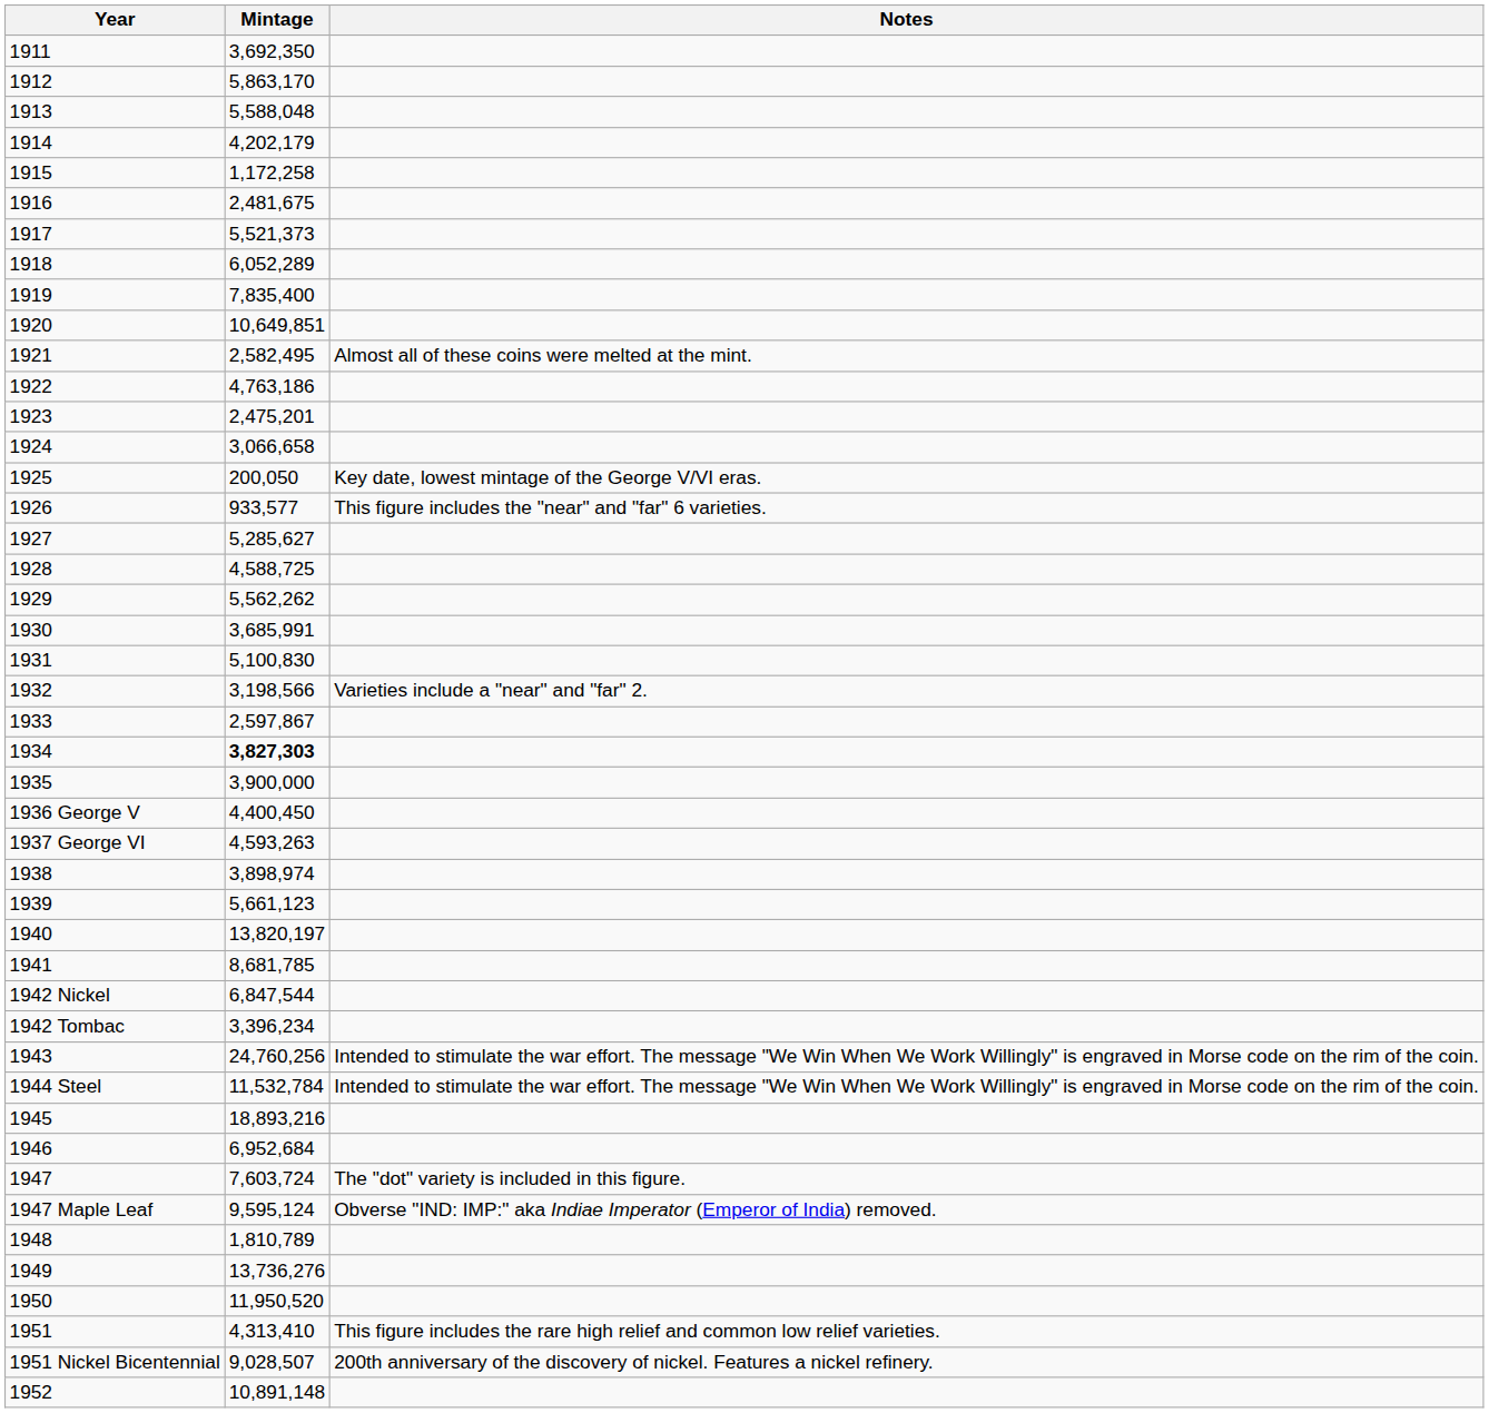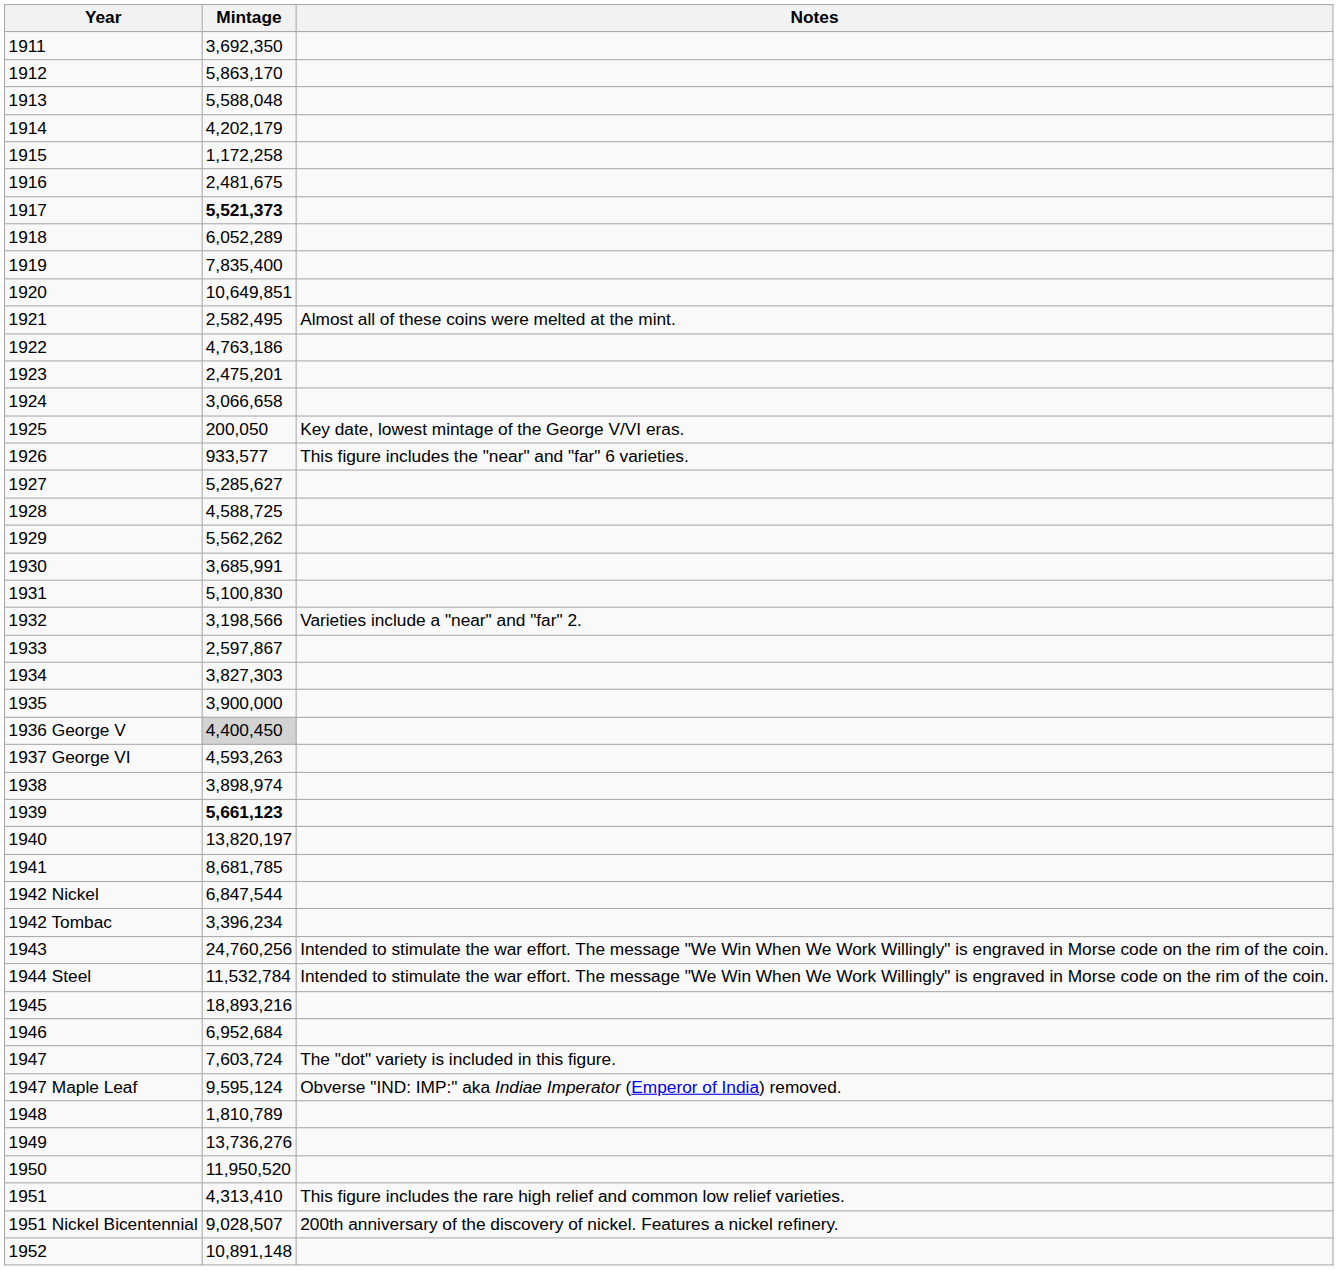 <table class="wikitable sortable">
 <tr>
 <th>Year</th>
 <th>Mintage</th>
 <th class="unsortable">Notes</th>
 </tr>
 <tr>
 <td>1911</td>
 <td>3,692,350</td>
 <td></td>
 </tr>
 <tr>
 <td>1912</td>
 <td>5,863,170</td>
 <td></td>
 </tr>
 <tr>
 <td>1913</td>
 <td>5,588,048</td>
 <td></td>
 </tr>
 <tr>
 <td>1914</td>
 <td>4,202,179</td>
 <td></td>
 </tr>
 <tr>
 <td>1915</td>
 <td>1,172,258</td>
 <td></td>
 </tr>
 <tr>
 <td>1916</td>
 <td>2,481,675</td>
 <td></td>
 </tr>
 <tr>
 <td>1917</td>
-<td>5,521,373</td>
+<td><strong>5,521,373</strong></td>
 <td></td>
 </tr>
 <tr>
 <td>1918</td>
 <td>6,052,289</td>
 <td></td>
 </tr>
 <tr>
 <td>1919</td>
 <td>7,835,400</td>
 <td></td>
 </tr>
 <tr>
 <td>1920</td>
 <td>10,649,851</td>
 <td></td>
 </tr>
 <tr>
 <td>1921</td>
 <td>2,582,495</td>
 <td>Almost all of these coins were melted at the mint.</td>
 </tr>
 <tr>
 <td>1922</td>
 <td>4,763,186</td>
 <td></td>
 </tr>
 <tr>
 <td>1923</td>
 <td>2,475,201</td>
 <td></td>
 </tr>
 <tr>
 <td>1924</td>
 <td>3,066,658</td>
 <td></td>
 </tr>
 <tr>
 <td>1925</td>
 <td>200,050</td>
 <td>Key date, lowest mintage of the George V/VI eras.</td>
 </tr>
 <tr>
 <td>1926</td>
 <td>933,577</td>
 <td>This figure includes the "near" and "far" 6 varieties.</td>
 </tr>
 <tr>
 <td>1927</td>
 <td>5,285,627</td>
 <td></td>
 </tr>
 <tr>
 <td>1928</td>
 <td>4,588,725</td>
 <td></td>
 </tr>
 <tr>
 <td>1929</td>
 <td>5,562,262</td>
 <td></td>
 </tr>
 <tr>
 <td>1930</td>
 <td>3,685,991</td>
 <td></td>
 </tr>
 <tr>
 <td>1931</td>
 <td>5,100,830</td>
 <td></td>
 </tr>
 <tr>
 <td>1932</td>
 <td>3,198,566</td>
 <td>Varieties include a "near" and "far" 2.</td>
 </tr>
 <tr>
 <td>1933</td>
 <td>2,597,867</td>
 <td></td>
 </tr>
 <tr>
 <td>1934</td>
-<td><strong>3,827,303</strong></td>
+<td>3,827,303</td>
 <td></td>
 </tr>
 <tr>
 <td>1935</td>
 <td>3,900,000</td>
 <td></td>
 </tr>
 <tr>
 <td>1936 George V</td>
-<td>4,400,450</td>
+<td style="background: lightgrey;">4,400,450</td>
 <td></td>
 </tr>
 <tr>
 <td>1937 George VI</td>
 <td>4,593,263</td>
 <td></td>
 </tr>
 <tr>
 <td>1938</td>
 <td>3,898,974</td>
 <td></td>
 </tr>
 <tr>
 <td>1939</td>
-<td>5,661,123</td>
+<td><strong>5,661,123</strong></td>
 <td></td>
 </tr>
 <tr>
 <td>1940</td>
 <td>13,820,197</td>
 <td></td>
 </tr>
 <tr>
 <td>1941</td>
 <td>8,681,785</td>
 <td></td>
 </tr>
 <tr>
 <td>1942 Nickel</td>
 <td>6,847,544</td>
 <td></td>
 </tr>
 <tr>
 <td>1942 Tombac</td>
 <td>3,396,234</td>
 <td></td>
 </tr>
 <tr>
 <td>1943</td>
 <td>24,760,256</td>
 <td>Intended to stimulate the war effort. The message "We Win When We Work Willingly" is engraved in Morse code on the rim of the coin.</td>
 </tr>
 <tr>
 <td>1944 Steel</td>
 <td>11,532,784</td>
 <td>Intended to stimulate the war effort. The message "We Win When We Work Willingly" is engraved in Morse code on the rim of the coin.</td>
 </tr>
 <tr>
 <td>1945</td>
 <td>18,893,216</td>
 <td></td>
 </tr>
 <tr>
 <td>1946</td>
 <td>6,952,684</td>
 <td></td>
 </tr>
 <tr>
 <td>1947</td>
 <td>7,603,724</td>
 <td>The "dot" variety is included in this figure.</td>
 </tr>
 <tr>
 <td>1947 Maple Leaf</td>
 <td>9,595,124</td>
 <td>Obverse "IND: IMP:" aka <em>Indiae Imperator</em> (<a href='#'>Emperor of India</a>) removed.</td>
 </tr>
 <tr>
 <td>1948</td>
 <td>1,810,789</td>
 <td></td>
 </tr>
 <tr>
 <td>1949</td>
 <td>13,736,276</td>
 <td></td>
 </tr>
 <tr>
 <td>1950</td>
 <td>11,950,520</td>
 <td></td>
 </tr>
 <tr>
 <td>1951</td>
 <td>4,313,410</td>
 <td>This figure includes the rare high relief and common low relief varieties.</td>
 </tr>
 <tr>
 <td>1951 Nickel Bicentennial</td>
 <td>9,028,507</td>
 <td>200th anniversary of the discovery of nickel. Features a nickel refinery.</td>
 </tr>
 <tr>
 <td>1952</td>
 <td>10,891,148</td>
 <td></td>
 </tr>
 </table>
